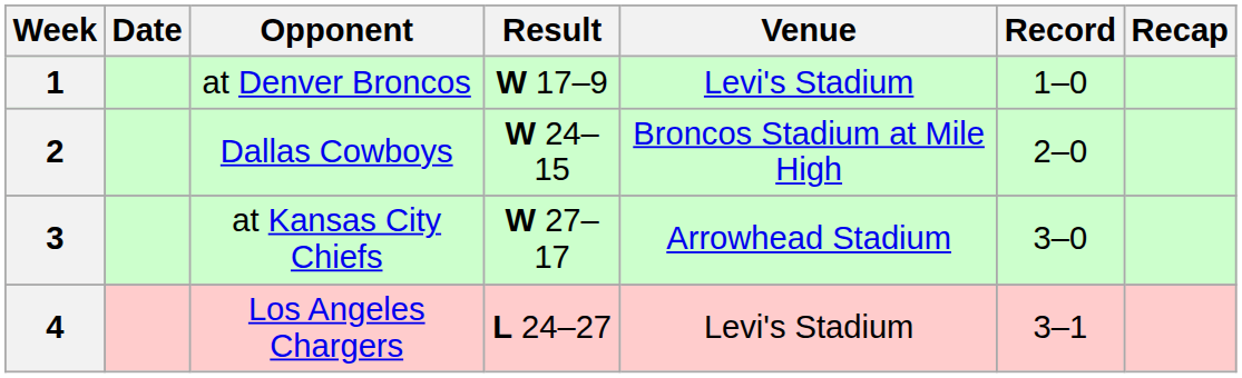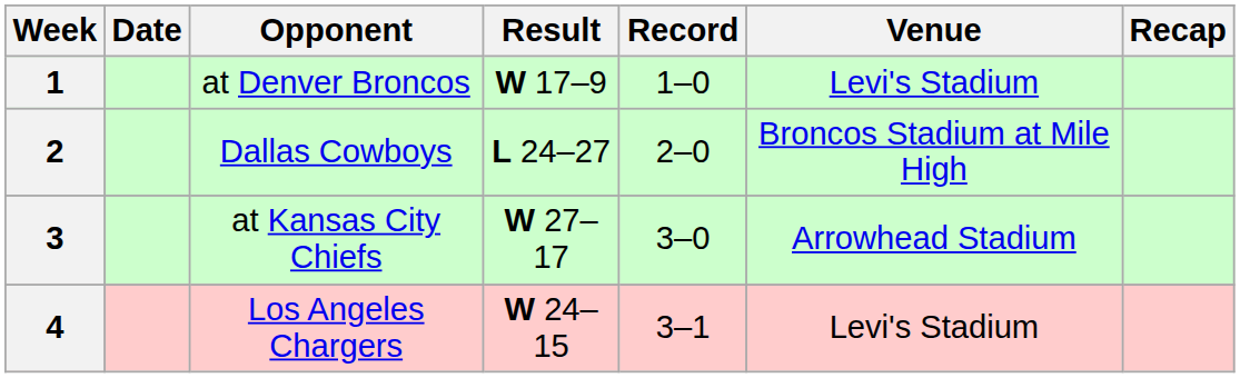 <table class="wikitable" style="text-align:center">
 <tr>
 <th>Week</th>
 <th>Date</th>
 <th>Opponent</th>
 <th>Result</th>
+<th>Record</th>
 <th>Venue</th>
-<th>Record</th>
 <th>Recap</th>
 </tr>
 <tr style="background:#cfc">
 <th>1</th>
 <td></td>
 <td>at <a href='#'>Denver Broncos</a></td>
 <td><strong>W</strong> 17–9</td>
+<td>1–0</td>
 <td><a href='#'>Levi's Stadium</a></td>
-<td>1–0</td>
 <td></td>
 </tr>
 <tr style="background:#cfc">
 <th>2</th>
 <td></td>
 <td><a href='#'>Dallas Cowboys</a></td>
-<td><strong>W</strong> 24–15</td>
+<td><strong>L</strong> 24–27</td>
+<td>2–0</td>
 <td><a href='#'>Broncos Stadium at Mile High</a> </td>
-<td>2–0</td>
 <td></td>
 </tr>
 <tr style="background:#cfc">
 <th>3</th>
 <td></td>
 <td>at <a href='#'>Kansas City Chiefs</a></td>
 <td><strong>W</strong> 27–17</td>
+<td>3–0</td>
 <td><a href='#'>Arrowhead Stadium</a></td>
-<td>3–0</td>
 <td></td>
 </tr>
 <tr style="background:#fcc">
 <th>4</th>
 <td></td>
 <td><a href='#'>Los Angeles Chargers</a></td>
-<td><strong>L</strong> 24–27</td>
+<td><strong>W</strong> 24–15</td>
+<td>3–1</td>
 <td>Levi's Stadium</td>
-<td>3–1</td>
 <td></td>
 </tr>
 </table>
